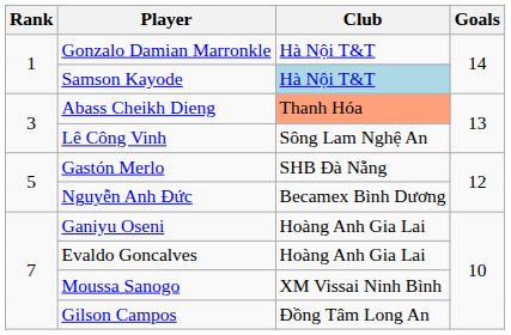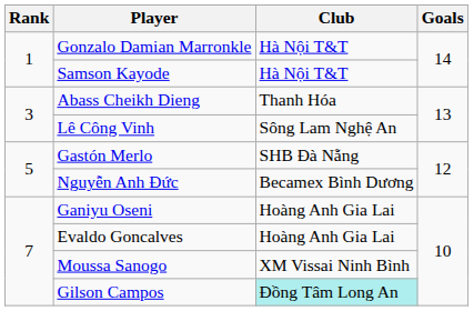 <table class="wikitable" style="text-align:center">
 <tr>
 <th>Rank</th>
 <th>Player</th>
 <th>Club</th>
 <th>Goals</th>
 </tr>
 <tr>
 <td rowspan=2>1</td>
 <td align="left"> <a href='#'>Gonzalo Damian Marronkle</a></td>
 <td align="left"><a href='#'>Hà Nội T&T</a></td>
 <td rowspan=2>14</td>
 </tr>
 <tr>
 <td align="left"> <a href='#'>Samson Kayode</a></td>
-<td align="left" style="background: lightblue;"><a href='#'>Hà Nội T&T</a></td>
+<td align="left"><a href='#'>Hà Nội T&T</a></td>
 </tr>
 <tr>
 <td rowspan=2>3</td>
 <td align="left"> <a href='#'>Abass Cheikh Dieng</a></td>
-<td align="left" style="background: lightsalmon;">Thanh Hóa</td>
+<td align="left">Thanh Hóa</td>
 <td rowspan=2>13</td>
 </tr>
 <tr>
 <td align="left"> <a href='#'>Lê Công Vinh</a></td>
 <td align="left">Sông Lam Nghệ An</td>
 </tr>
 <tr>
 <td rowspan=2>5</td>
 <td align="left"> <a href='#'>Gastón Merlo</a></td>
 <td align="left">SHB Đà Nẵng</td>
 <td rowspan=2>12</td>
 </tr>
 <tr>
 <td align="left"> <a href='#'>Nguyễn Anh Đức</a></td>
 <td align="left">Becamex Bình Dương</td>
 </tr>
 <tr>
 <td rowspan=4>7</td>
 <td align="left"> <a href='#'>Ganiyu Oseni</a></td>
 <td align="left">Hoàng Anh Gia Lai</td>
 <td rowspan=4>10</td>
 </tr>
 <tr>
 <td align="left"> Evaldo Goncalves</td>
 <td align="left">Hoàng Anh Gia Lai</td>
 </tr>
 <tr>
 <td align="left"> <a href='#'>Moussa Sanogo</a></td>
 <td align="left">XM Vissai Ninh Bình</td>
 </tr>
 <tr>
 <td align="left"> <a href='#'>Gilson Campos</a></td>
-<td align="left">Đồng Tâm Long An</td>
+<td align="left" style="background: paleturquoise;">Đồng Tâm Long An</td>
 </tr>
 </table>
